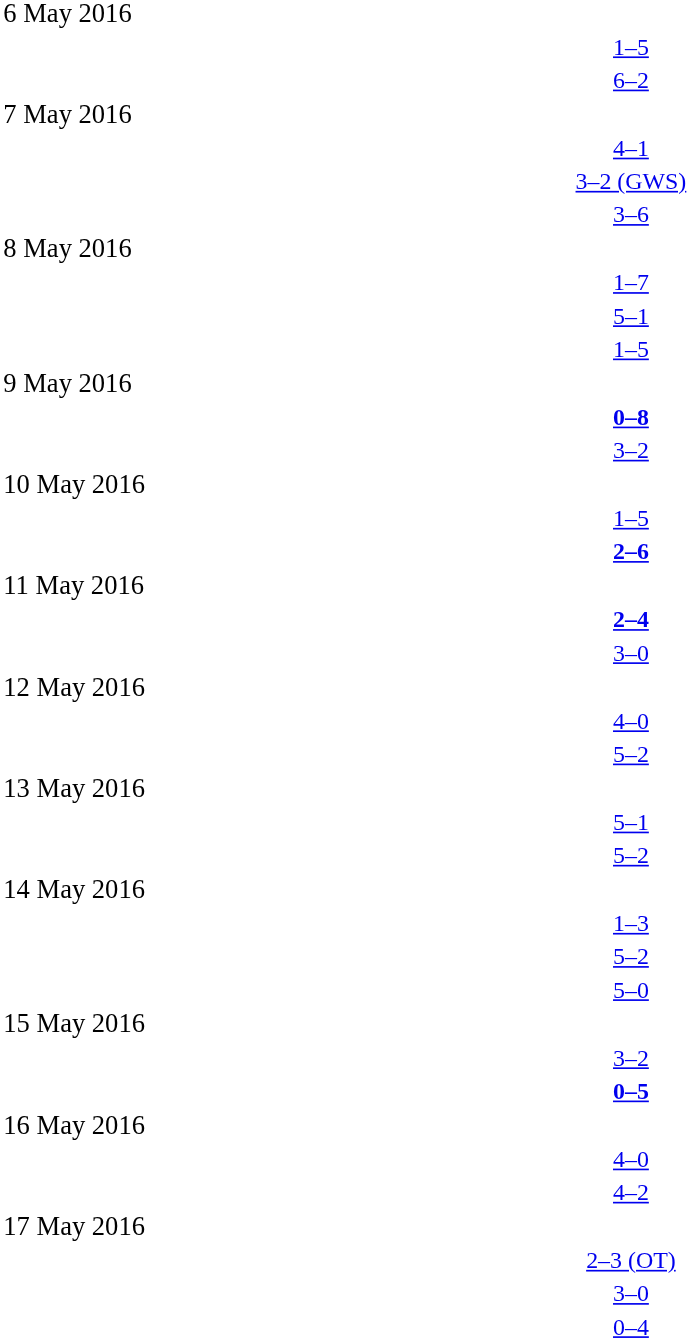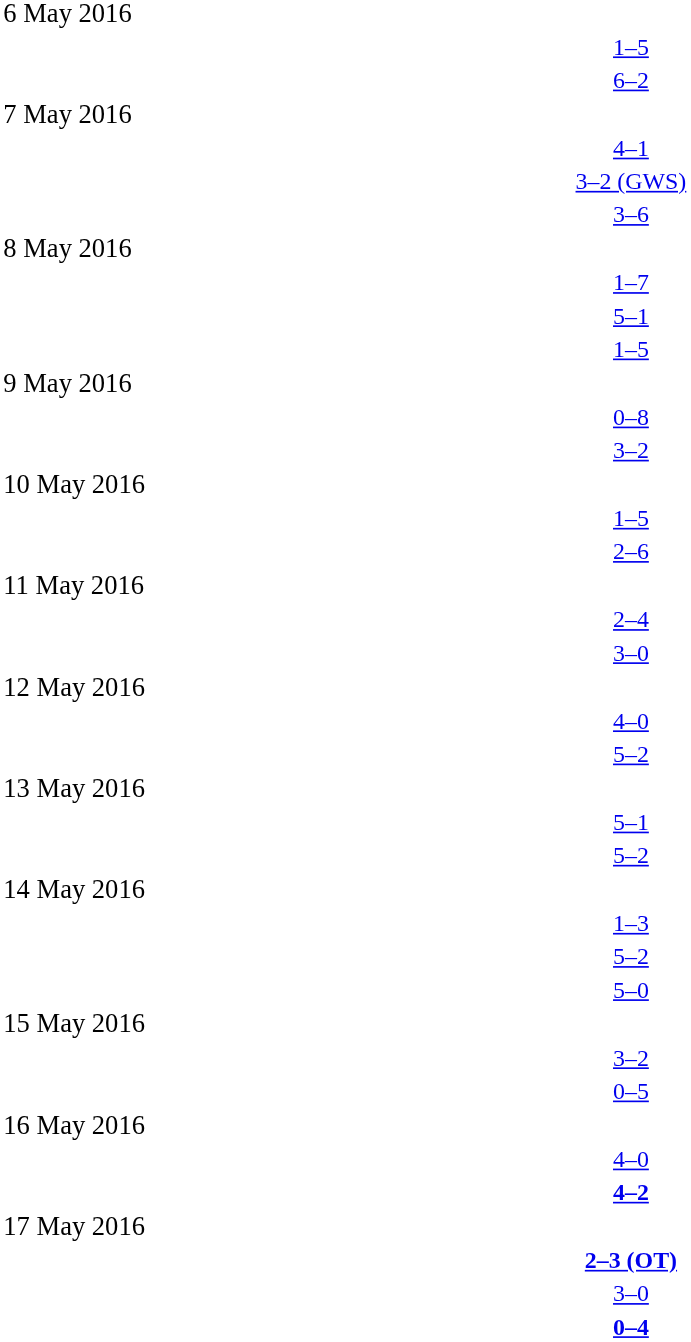 <table style="width:100%;" cellspacing="1">
 <tr>
 <th width=25%></th>
 <th width=2%></th>
 <th width=6%></th>
 <th width=2%></th>
 <th width=25%></th>
 </tr>
 <tr>
 <td>6 May 2016</td>
 </tr>
 <tr style=font-size:90%>
 <td align=right></td>
 <td></td>
 <td align=center><a href='#'>1–5</a></td>
 <td></td>
 <td></td>
 <td></td>
 </tr>
 <tr style=font-size:90%>
 <td align=right></td>
 <td></td>
 <td align=center><a href='#'>6–2</a></td>
 <td></td>
 <td></td>
 <td></td>
 </tr>
 <tr>
 <td>7 May 2016</td>
 </tr>
 <tr style=font-size:90%>
 <td align=right></td>
 <td></td>
 <td align=center><a href='#'>4–1</a></td>
 <td></td>
 <td></td>
 <td></td>
 </tr>
 <tr style=font-size:90%>
 <td align=right></td>
 <td></td>
 <td align=center><a href='#'>3–2 (GWS)</a></td>
 <td></td>
 <td></td>
 <td></td>
 </tr>
 <tr style=font-size:90%>
 <td align=right></td>
 <td></td>
 <td align=center><a href='#'>3–6</a></td>
 <td></td>
 <td></td>
 <td></td>
 </tr>
 <tr>
 <td>8 May 2016</td>
 </tr>
 <tr style=font-size:90%>
 <td align=right></td>
 <td></td>
 <td align=center><a href='#'>1–7</a></td>
 <td></td>
 <td></td>
 <td></td>
 </tr>
 <tr style=font-size:90%>
 <td align=right></td>
 <td></td>
 <td align=center><a href='#'>5–1</a></td>
 <td></td>
 <td></td>
 <td></td>
 </tr>
 <tr style=font-size:90%>
 <td align=right></td>
 <td></td>
 <td align=center><a href='#'>1–5</a></td>
 <td></td>
 <td></td>
 <td></td>
 </tr>
 <tr>
 <td>9 May 2016</td>
 </tr>
 <tr style=font-size:90%>
 <td align=right></td>
 <td></td>
-<td align=center><strong><a href='#'>0–8</a></strong></td>
+<td align=center><a href='#'>0–8</a></td>
 <td></td>
 <td></td>
 <td></td>
 </tr>
 <tr style=font-size:90%>
 <td align=right></td>
 <td></td>
 <td align=center><a href='#'>3–2</a></td>
 <td></td>
 <td></td>
 <td></td>
 </tr>
 <tr>
 <td>10 May 2016</td>
 </tr>
 <tr style=font-size:90%>
 <td align=right></td>
 <td></td>
 <td align=center><a href='#'>1–5</a></td>
 <td></td>
 <td></td>
 <td></td>
 </tr>
 <tr style=font-size:90%>
 <td align=right></td>
 <td></td>
-<td align=center><strong><a href='#'>2–6</a></strong></td>
+<td align=center><a href='#'>2–6</a></td>
 <td></td>
 <td></td>
 <td></td>
 </tr>
 <tr>
 <td>11 May 2016</td>
 </tr>
 <tr style=font-size:90%>
 <td align=right></td>
 <td></td>
-<td align=center><strong><a href='#'>2–4</a></strong></td>
+<td align=center><a href='#'>2–4</a></td>
 <td></td>
 <td></td>
 <td></td>
 </tr>
 <tr style=font-size:90%>
 <td align=right></td>
 <td></td>
 <td align=center><a href='#'>3–0</a></td>
 <td></td>
 <td></td>
 <td></td>
 </tr>
 <tr>
 <td>12 May 2016</td>
 </tr>
 <tr style=font-size:90%>
 <td align=right></td>
 <td></td>
 <td align=center><a href='#'>4–0</a></td>
 <td></td>
 <td></td>
 <td></td>
 </tr>
 <tr style=font-size:90%>
 <td align=right></td>
 <td></td>
 <td align=center><a href='#'>5–2</a></td>
 <td></td>
 <td></td>
 <td></td>
 </tr>
 <tr>
 <td>13 May 2016</td>
 </tr>
 <tr style=font-size:90%>
 <td align=right></td>
 <td></td>
 <td align=center><a href='#'>5–1</a></td>
 <td></td>
 <td></td>
 <td></td>
 </tr>
 <tr style=font-size:90%>
 <td align=right></td>
 <td></td>
 <td align=center><a href='#'>5–2</a></td>
 <td></td>
 <td></td>
 <td></td>
 </tr>
 <tr>
 <td>14 May 2016</td>
 </tr>
 <tr style=font-size:90%>
 <td align=right></td>
 <td></td>
 <td align=center><a href='#'>1–3</a></td>
 <td></td>
 <td></td>
 <td></td>
 </tr>
 <tr style=font-size:90%>
 <td align=right></td>
 <td></td>
 <td align=center><a href='#'>5–2</a></td>
 <td></td>
 <td></td>
 <td></td>
 </tr>
 <tr style=font-size:90%>
 <td align=right></td>
 <td></td>
 <td align=center><a href='#'>5–0</a></td>
 <td></td>
 <td></td>
 <td></td>
 </tr>
 <tr>
 <td>15 May 2016</td>
 </tr>
 <tr style=font-size:90%>
 <td align=right></td>
 <td></td>
 <td align=center><a href='#'>3–2</a></td>
 <td></td>
 <td></td>
 <td></td>
 </tr>
 <tr style=font-size:90%>
 <td align=right></td>
 <td></td>
-<td align=center><strong><a href='#'>0–5</a></strong></td>
+<td align=center><a href='#'>0–5</a></td>
 <td></td>
 <td></td>
 <td></td>
 </tr>
 <tr>
 <td>16 May 2016</td>
 </tr>
 <tr style=font-size:90%>
 <td align=right></td>
 <td></td>
 <td align=center><a href='#'>4–0</a></td>
 <td></td>
 <td></td>
 <td></td>
 </tr>
 <tr style=font-size:90%>
 <td align=right></td>
 <td></td>
-<td align=center><a href='#'>4–2</a></td>
+<td align=center><strong><a href='#'>4–2</a></strong></td>
 <td></td>
 <td></td>
 <td></td>
 </tr>
 <tr>
 <td>17 May 2016</td>
 </tr>
 <tr style=font-size:90%>
 <td align=right></td>
 <td></td>
-<td align=center><a href='#'>2–3 (OT)</a></td>
+<td align=center><strong><a href='#'>2–3 (OT)</a></strong></td>
 <td></td>
 <td></td>
 <td></td>
 </tr>
 <tr style=font-size:90%>
 <td align=right></td>
 <td></td>
 <td align=center><a href='#'>3–0</a></td>
 <td></td>
 <td></td>
 <td></td>
 </tr>
 <tr style=font-size:90%>
 <td align=right></td>
 <td></td>
-<td align=center><a href='#'>0–4</a></td>
+<td align=center><strong><a href='#'>0–4</a></strong></td>
 <td></td>
 <td></td>
 <td></td>
 </tr>
 </table>
